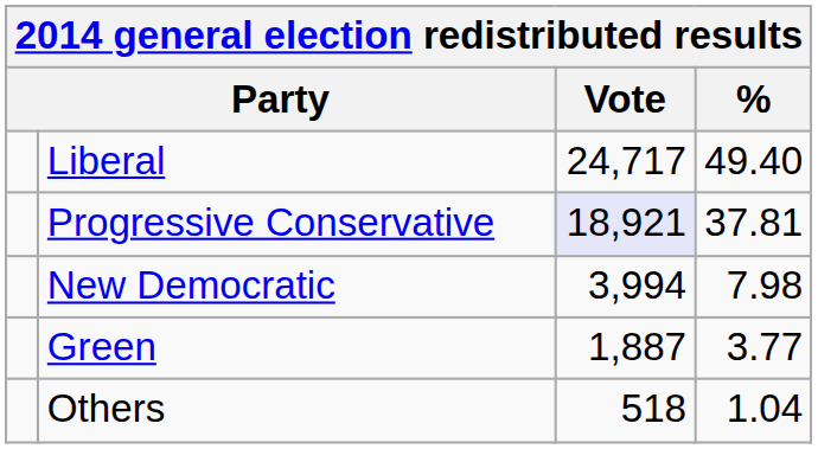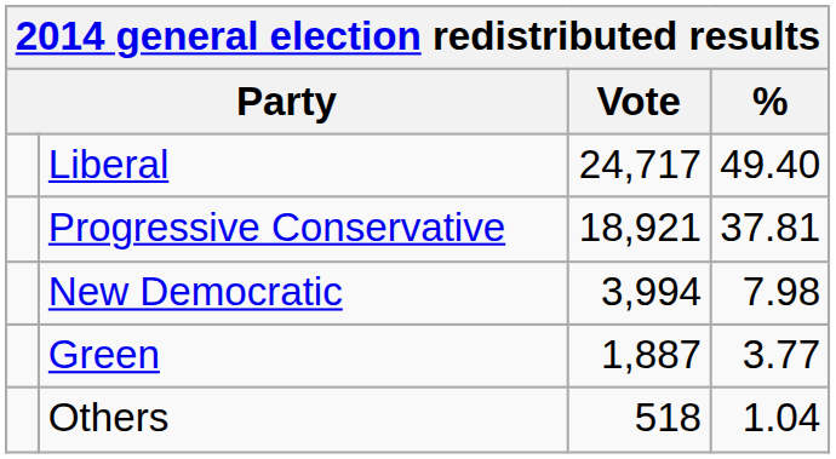 <table class="wikitable">
 <tr>
 <th colspan="4"><a href='#'>2014 general election</a> redistributed results</th>
 </tr>
 <tr>
 <th bgcolor="#DDDDFF" width="130px" colspan="2">Party</th>
 <th bgcolor="#DDDDFF" width="50px">Vote</th>
 <th bgcolor="#DDDDFF" width="30px">%</th>
 </tr>
 <tr>
 <td> </td>
 <td><a href='#'>Liberal</a></td>
 <td align=right>24,717</td>
 <td align=right>49.40</td>
 </tr>
 <tr>
 <td> </td>
 <td><a href='#'>Progressive Conservative</a></td>
-<td align=right style="background: lavender;">18,921</td>
+<td align=right>18,921</td>
 <td align=right>37.81</td>
 </tr>
 <tr>
 <td> </td>
 <td><a href='#'>New Democratic</a></td>
 <td align=right>3,994</td>
 <td align=right>7.98</td>
 </tr>
 <tr>
 <td> </td>
 <td><a href='#'>Green</a></td>
 <td align=right>1,887</td>
 <td align=right>3.77</td>
 </tr>
 <tr>
 <td> </td>
 <td>Others</td>
 <td align=right>518</td>
 <td align=right>1.04</td>
 </tr>
 </table>
